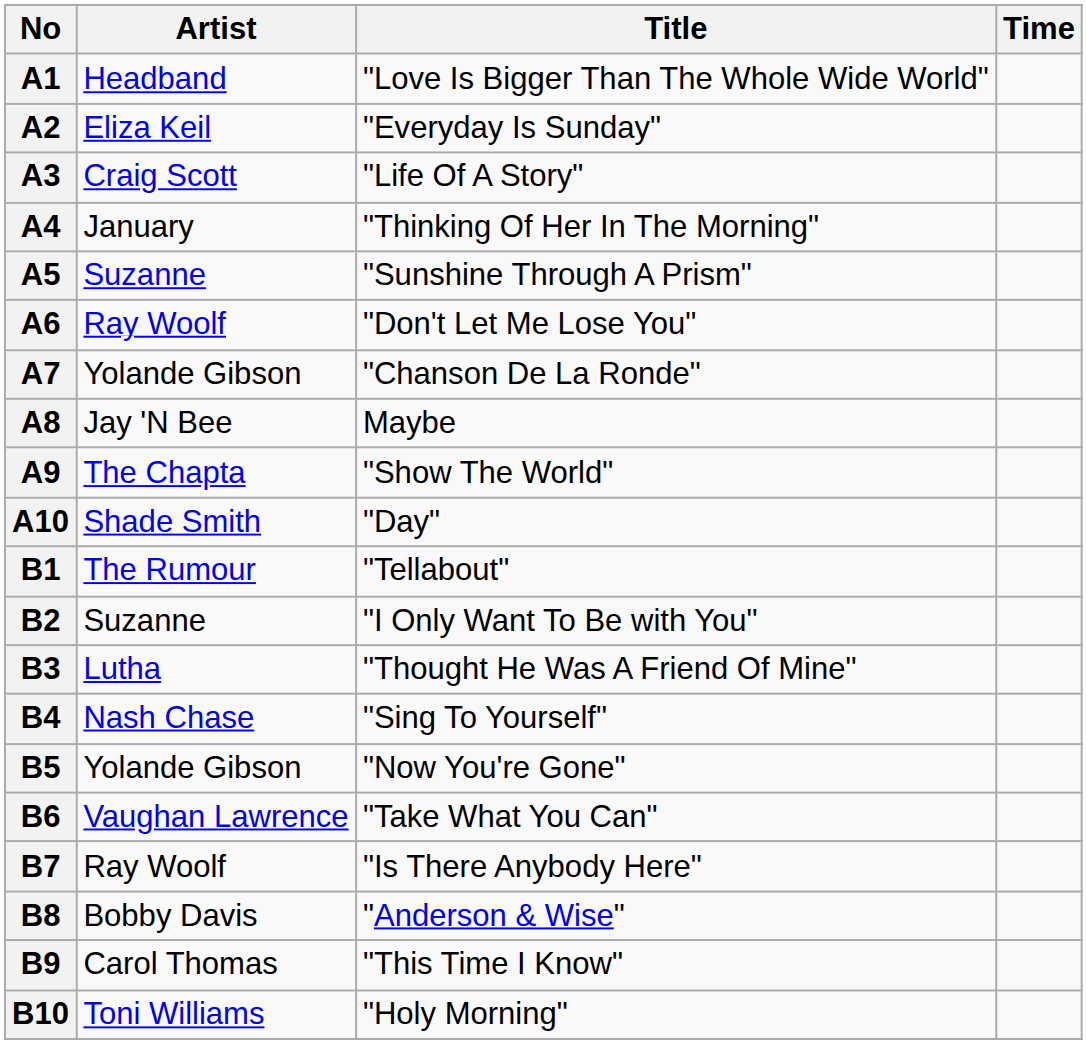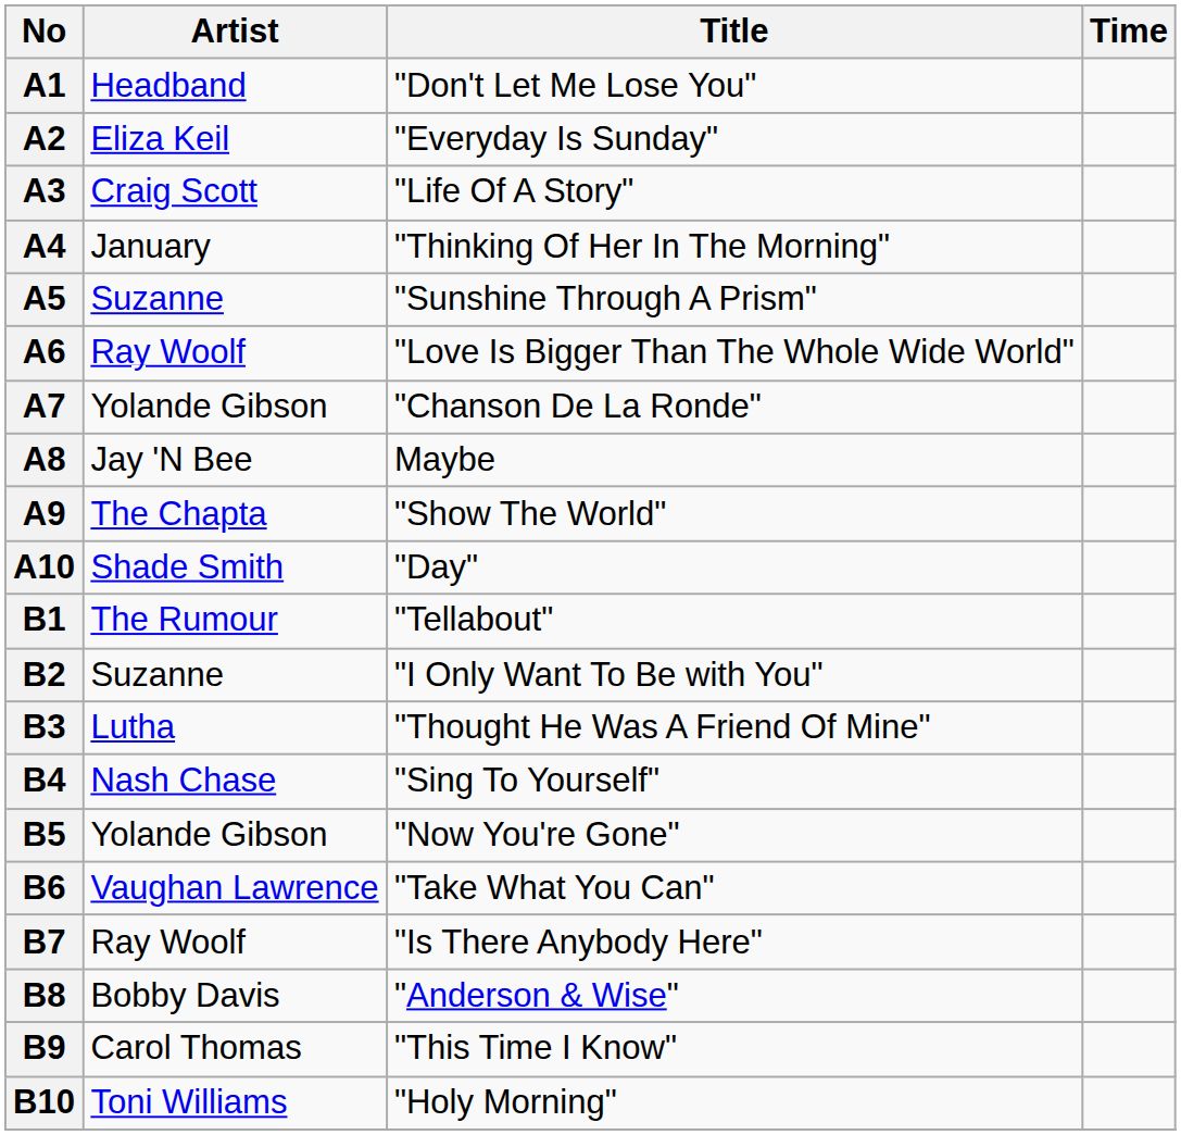 <table class="wikitable plainrowheaders sortable">
 <tr>
 <th scope="col">No</th>
 <th scope="col">Artist</th>
 <th scope="col">Title</th>
 <th scope="col" class="unsortable">Time</th>
 </tr>
 <tr>
 <th scope="row">A1</th>
 <td><a href='#'>Headband</a></td>
-<td>"Love Is Bigger Than The Whole Wide World"</td>
+<td>"Don't Let Me Lose You"</td>
 <td></td>
 </tr>
 <tr>
 <th scope="row">A2</th>
 <td><a href='#'>Eliza Keil</a></td>
 <td>"Everyday Is Sunday"</td>
 <td></td>
 </tr>
 <tr>
 <th scope="row">A3</th>
 <td><a href='#'>Craig Scott</a></td>
 <td>"Life Of A Story"</td>
 <td></td>
 </tr>
 <tr>
 <th scope="row">A4</th>
 <td>January</td>
 <td>"Thinking Of Her In The Morning"</td>
 <td></td>
 </tr>
 <tr>
 <th scope="row">A5</th>
 <td><a href='#'>Suzanne</a></td>
 <td>"Sunshine Through A Prism"</td>
 <td></td>
 </tr>
 <tr>
 <th scope="row">A6</th>
 <td><a href='#'>Ray Woolf</a></td>
-<td>"Don't Let Me Lose You"</td>
+<td>"Love Is Bigger Than The Whole Wide World"</td>
 <td></td>
 </tr>
 <tr>
 <th scope="row">A7</th>
 <td>Yolande Gibson</td>
 <td>"Chanson De La Ronde"</td>
 <td></td>
 </tr>
 <tr>
 <th scope="row">A8</th>
 <td>Jay 'N Bee</td>
 <td>Maybe</td>
 <td></td>
 </tr>
 <tr>
 <th scope="row">A9</th>
 <td><a href='#'>The Chapta</a></td>
 <td>"Show The World"</td>
 <td></td>
 </tr>
 <tr>
 <th scope="row">A10</th>
 <td><a href='#'>Shade Smith</a></td>
 <td>"Day"</td>
 <td></td>
 </tr>
 <tr>
 <th scope="row">B1</th>
 <td><a href='#'>The Rumour</a></td>
 <td>"Tellabout"</td>
 <td></td>
 </tr>
 <tr>
 <th scope="row">B2</th>
 <td>Suzanne</td>
 <td>"I Only Want To Be with You"</td>
 <td></td>
 </tr>
 <tr>
 <th scope="row">B3</th>
 <td><a href='#'>Lutha</a></td>
 <td>"Thought He Was A Friend Of Mine"</td>
 <td></td>
 </tr>
 <tr>
 <th scope="row">B4</th>
 <td><a href='#'>Nash Chase</a></td>
 <td>"Sing To Yourself"</td>
 <td></td>
 </tr>
 <tr>
 <th scope="row">B5</th>
 <td>Yolande Gibson</td>
 <td>"Now You're Gone"</td>
 <td></td>
 </tr>
 <tr>
 <th scope="row">B6</th>
 <td><a href='#'>Vaughan Lawrence</a></td>
 <td>"Take What You Can"</td>
 <td></td>
 </tr>
 <tr>
 <th scope="row">B7</th>
 <td>Ray Woolf</td>
 <td>"Is There Anybody Here"</td>
 <td></td>
 </tr>
 <tr>
 <th scope="row">B8</th>
 <td>Bobby Davis</td>
 <td>"<a href='#'>Anderson & Wise</a>"</td>
 <td></td>
 </tr>
 <tr>
 <th scope="row">B9</th>
 <td>Carol Thomas</td>
 <td>"This Time I Know"</td>
 <td></td>
 </tr>
 <tr>
 <th scope="row">B10</th>
 <td><a href='#'>Toni Williams</a></td>
 <td>"Holy Morning"</td>
 <td></td>
 </tr>
 <tr>
 </tr>
 </table>
